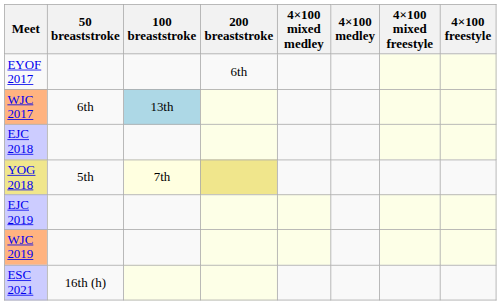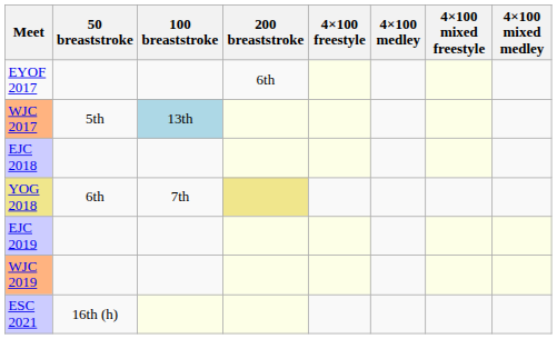 <table class="sortable wikitable">
 <tr>
 <th>Meet</th>
 <th class="unsortable">50 breaststroke</th>
 <th class="unsortable">100 breaststroke</th>
 <th class="unsortable">200 breaststroke</th>
-<th class="unsortable">4×100 mixed medley</th>
+<th class="unsortable">4×100 freestyle</th>
 <th class="unsortable">4×100 medley</th>
 <th class="unsortable">4×100 mixed freestyle</th>
-<th class="unsortable">4×100 freestyle</th>
+<th class="unsortable">4×100 mixed medley</th>
 </tr>
 <tr>
 <td><a href='#'>EYOF 2017</a></td>
 <td></td>
 <td align="center"></td>
 <td align="center">6th</td>
-<td align="center"></td>
+<td style="background:#fdffe7"></td>
 <td align="center"></td>
 <td style="background:#fdffe7"></td>
-<td style="background:#fdffe7"></td>
+<td align="center"></td>
 </tr>
 <tr>
 <td style="background:#ffb380"><a href='#'>WJC 2017</a></td>
-<td align="center">6th</td>
+<td align="center">5th</td>
 <td align="center" style="background: lightblue;">13th</td>
 <td style="background:#fdffe7"></td>
-<td align="center"></td>
+<td style="background:#fdffe7"></td>
 <td align="center"></td>
 <td style="background:#fdffe7"></td>
-<td style="background:#fdffe7"></td>
+<td align="center"></td>
 </tr>
 <tr>
 <td style="background:#ccccff"><a href='#'>EJC 2018</a></td>
 <td align="center"></td>
 <td align="center"></td>
 <td style="background:#fdffe7"></td>
-<td align="center"></td>
+<td style="background:#fdffe7"></td>
 <td align="center"></td>
 <td style="background:#fdffe7"></td>
-<td style="background:#fdffe7"></td>
+<td align="center"></td>
 </tr>
 <tr>
 <td style="background:#f0e68c"><a href='#'>YOG 2018</a></td>
-<td align="center">5th</td>
-<td align="center" style="background: lightyellow;">7th</td>
+<td align="center">6th</td>
+<td align="center">7th</td>
 <td style="background:#f0e68c"></td>
 <td align="center"></td>
 <td align="center"></td>
 <td align="center"></td>
 <td align="center"></td>
 </tr>
 <tr>
 <td style="background:#ccccff"><a href='#'>EJC 2019</a></td>
 <td align="center"></td>
 <td align="center"></td>
 <td style="background:#fdffe7"></td>
 <td style="background:#fdffe7"></td>
 <td align="center"></td>
 <td style="background:#fdffe7"></td>
 <td style="background:#fdffe7"></td>
 </tr>
 <tr>
 <td style="background:#ffb380"><a href='#'>WJC 2019</a></td>
 <td align="center"></td>
 <td align="center"></td>
 <td style="background:#fdffe7"></td>
 <td style="background:#fdffe7"></td>
 <td align="center"></td>
 <td style="background:#fdffe7"></td>
 <td style="background:#fdffe7"></td>
 </tr>
 <tr>
 <td style="background:#ccccff"><a href='#'>ESC 2021</a></td>
 <td align="center">16th (h)</td>
 <td style="background:#fdffe7"></td>
 <td style="background:#fdffe7"></td>
 <td></td>
 <td></td>
 <td></td>
 <td></td>
 </tr>
 </table>
